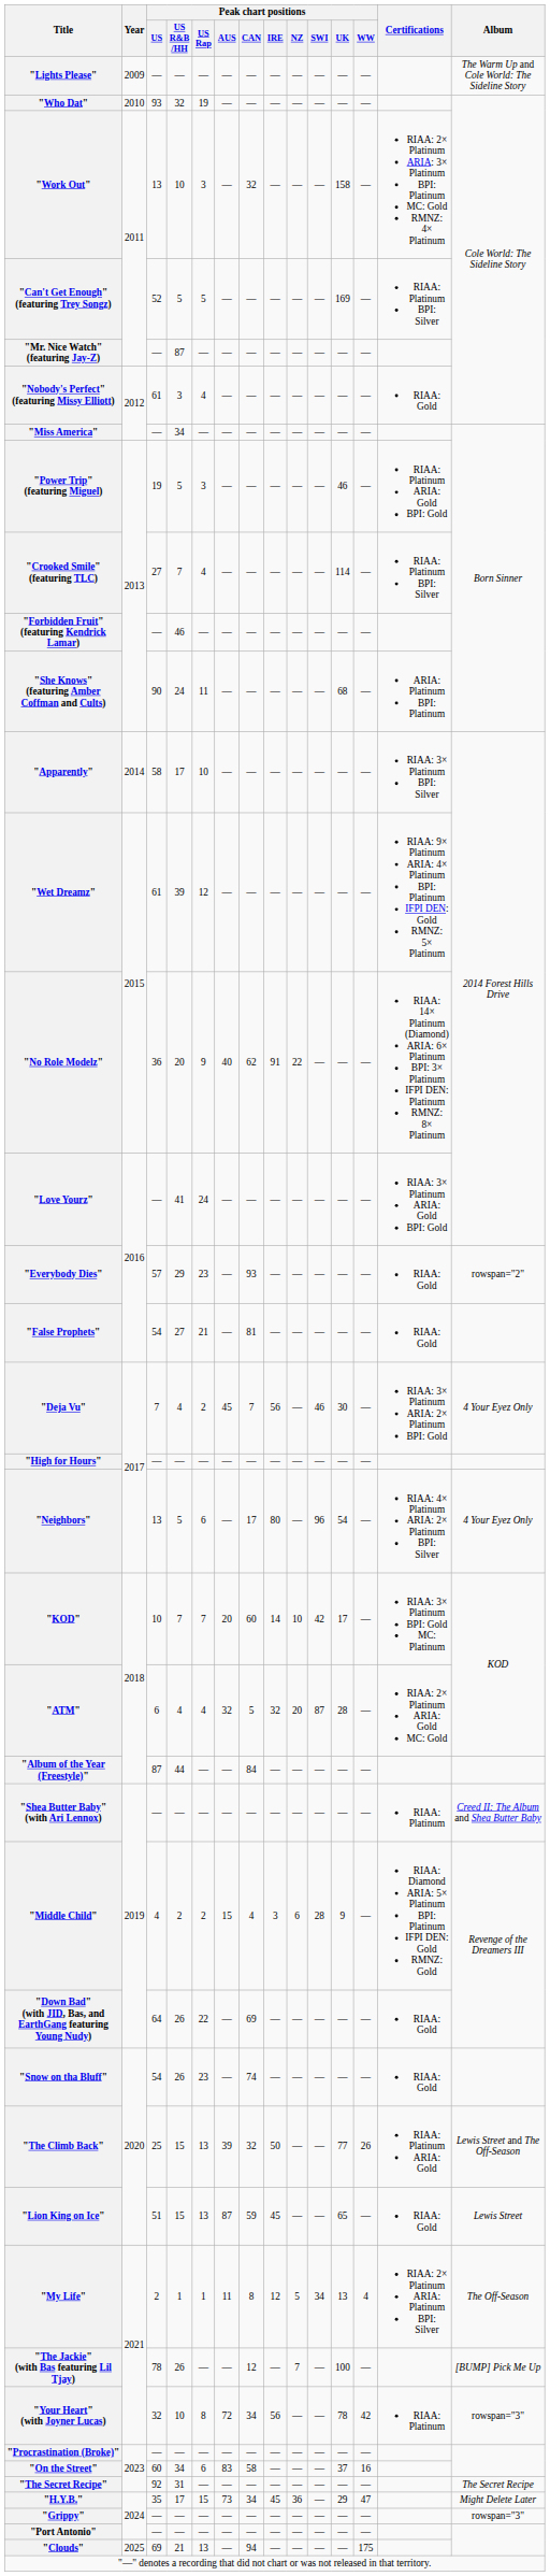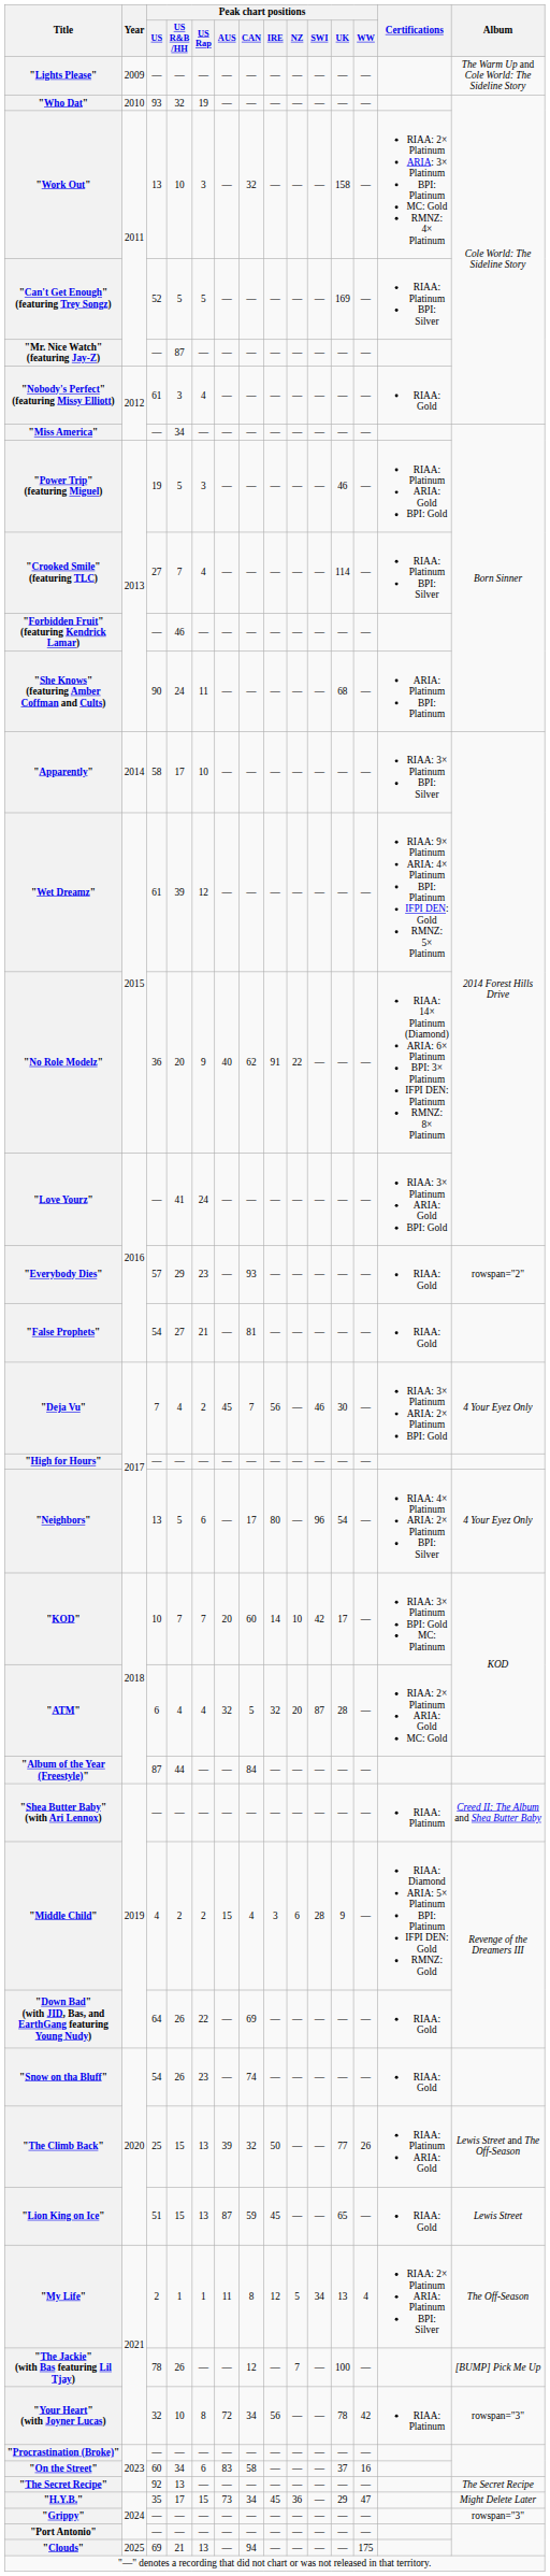 <table class="wikitable plainrowheaders" style="text-align:center;">
 <tr>
 <th scope="col" rowspan="2" style="width:17em;">Title</th>
 <th scope="col" rowspan="2">Year</th>
 <th scope="col" colspan="10">Peak chart positions</th>
 <th scope="col" rowspan="2"><a href='#'>Certifications</a></th>
 <th scope="col" rowspan="2" style="width:14em;">Album</th>
 </tr>
 <tr>
 <th scope="col" style="width:2.5em;font-size:90%;"><a href='#'>US</a><br></th>
 <th scope="col" style="width:2.5em;font-size:90%;"><a href='#'>US<br>R&B<br>/HH</a><br></th>
 <th scope="col" style="width:2.5em;font-size:90%;"><a href='#'>US<br>Rap</a><br></th>
 <th scope="col" style="width:2.5em;font-size:90%;"><a href='#'>AUS</a><br></th>
 <th scope="col" style="width:2.5em;font-size:90%;"><a href='#'>CAN</a><br></th>
 <th scope="col" style="width:2.5em;font-size:90%;"><a href='#'>IRE</a><br></th>
 <th scope="col" style="width:2.5em;font-size:90%;"><a href='#'>NZ</a><br></th>
 <th scope="col" style="width:2.5em;font-size:90%;"><a href='#'>SWI</a><br></th>
 <th scope="col" style="width:2.5em;font-size:90%;"><a href='#'>UK</a><br></th>
 <th scope="col" style="width:2.5em;font-size:90%;"><a href='#'>WW</a><br></th>
 </tr>
 <tr>
 <th scope="row">"<a href='#'>Lights Please</a>"</th>
 <td>2009</td>
 <td>—</td>
 <td>—</td>
 <td>—</td>
 <td>—</td>
 <td>—</td>
 <td>—</td>
 <td>—</td>
 <td>—</td>
 <td>—</td>
 <td>—</td>
 <td></td>
 <td><em>The Warm Up</em> and <em>Cole World: The Sideline Story</em></td>
 </tr>
 <tr>
 <th scope="row">"<a href='#'>Who Dat</a>"</th>
 <td>2010</td>
 <td>93</td>
 <td>32</td>
 <td>19</td>
 <td>—</td>
 <td>—</td>
 <td>—</td>
 <td>—</td>
 <td>—</td>
 <td>—</td>
 <td>—</td>
 <td></td>
 <td rowspan="5"><em>Cole World: The Sideline Story</em></td>
 </tr>
 <tr>
 <th scope="row">"<a href='#'>Work Out</a>"</th>
 <td rowspan="3">2011</td>
 <td>13</td>
 <td>10</td>
 <td>3</td>
 <td>—</td>
 <td>32</td>
 <td>—</td>
 <td>—</td>
 <td>—</td>
 <td>158</td>
 <td>—</td>
 <td><br><ul><li>RIAA: 2× Platinum</li><li><a href='#'>ARIA</a>: 3× Platinum</li><li>BPI: Platinum</li><li>MC: Gold</li><li>RMNZ: 4× Platinum</li></ul></td>
 </tr>
 <tr>
 <th scope="row">"<a href='#'>Can't Get Enough</a>"<br><span>(featuring <a href='#'>Trey Songz</a>)</span></th>
 <td>52</td>
 <td>5</td>
 <td>5</td>
 <td>—</td>
 <td>—</td>
 <td>—</td>
 <td>—</td>
 <td>—</td>
 <td>169</td>
 <td>—</td>
 <td><br><ul><li>RIAA: Platinum</li><li>BPI: Silver</li></ul></td>
 </tr>
 <tr>
 <th scope="row">"Mr. Nice Watch"<br><span>(featuring <a href='#'>Jay-Z</a>)</span></th>
 <td>—</td>
 <td>87</td>
 <td>—</td>
 <td>—</td>
 <td>—</td>
 <td>—</td>
 <td>—</td>
 <td>—</td>
 <td>—</td>
 <td>—</td>
 <td></td>
 </tr>
 <tr>
 <th scope="row">"<a href='#'>Nobody's Perfect</a>"<br><span>(featuring <a href='#'>Missy Elliott</a>)</span></th>
 <td rowspan="2">2012</td>
 <td>61</td>
 <td>3</td>
 <td>4</td>
 <td>—</td>
 <td>—</td>
 <td>—</td>
 <td>—</td>
 <td>—</td>
 <td>—</td>
 <td>—</td>
 <td><br><ul><li>RIAA: Gold</li></ul></td>
 </tr>
 <tr>
 <th scope="row">"<a href='#'>Miss America</a>"</th>
 <td>—</td>
 <td>34</td>
 <td>—</td>
 <td>—</td>
 <td>—</td>
 <td>—</td>
 <td>—</td>
 <td>—</td>
 <td>—</td>
 <td>—</td>
 <td></td>
 <td rowspan="5"><em>Born Sinner</em></td>
 </tr>
 <tr>
 <th scope="row">"<a href='#'>Power Trip</a>"<br><span>(featuring <a href='#'>Miguel</a>)</span></th>
 <td rowspan="4">2013</td>
 <td>19</td>
 <td>5</td>
 <td>3</td>
 <td>—</td>
 <td>—</td>
 <td>—</td>
 <td>—</td>
 <td>—</td>
 <td>46</td>
 <td>—</td>
 <td><br><ul><li>RIAA: Platinum</li><li>ARIA: Gold</li><li>BPI: Gold</li></ul></td>
 </tr>
 <tr>
 <th scope="row">"<a href='#'>Crooked Smile</a>"<br><span>(featuring <a href='#'>TLC</a>)</span></th>
 <td>27</td>
 <td>7</td>
 <td>4</td>
 <td>—</td>
 <td>—</td>
 <td>—</td>
 <td>—</td>
 <td>—</td>
 <td>114</td>
 <td>—</td>
 <td><br><ul><li>RIAA: Platinum</li><li>BPI: Silver</li></ul></td>
 </tr>
 <tr>
 <th scope="row">"<a href='#'>Forbidden Fruit</a>"<br><span>(featuring <a href='#'>Kendrick Lamar</a>)</span></th>
 <td>—</td>
 <td>46</td>
 <td>—</td>
 <td>—</td>
 <td>—</td>
 <td>—</td>
 <td>—</td>
 <td>—</td>
 <td>—</td>
 <td>—</td>
 <td></td>
 </tr>
 <tr>
 <th scope="row">"<a href='#'>She Knows</a>"<br><span>(featuring <a href='#'>Amber Coffman</a> and <a href='#'>Cults</a>)</span></th>
 <td>90</td>
 <td>24</td>
 <td>11</td>
 <td>—</td>
 <td>—</td>
 <td>—</td>
 <td>—</td>
 <td>—</td>
 <td>68</td>
 <td>—</td>
 <td><br><ul><li>ARIA: Platinum</li><li>BPI: Platinum</li></ul></td>
 </tr>
 <tr>
 <th scope="row">"<a href='#'>Apparently</a>"</th>
 <td>2014</td>
 <td>58</td>
 <td>17</td>
 <td>10</td>
 <td>—</td>
 <td>—</td>
 <td>—</td>
 <td>—</td>
 <td>—</td>
 <td>—</td>
 <td>—</td>
 <td><br><ul><li>RIAA: 3× Platinum</li><li>BPI: Silver</li></ul></td>
 <td rowspan="4"><em>2014 Forest Hills Drive</em></td>
 </tr>
 <tr>
 <th scope="row">"<a href='#'>Wet Dreamz</a>"</th>
 <td rowspan="2">2015</td>
 <td>61</td>
 <td>39</td>
 <td>12</td>
 <td>—</td>
 <td>—</td>
 <td>—</td>
 <td>—</td>
 <td>—</td>
 <td>—</td>
 <td>—</td>
 <td><br><ul><li>RIAA: 9× Platinum</li><li>ARIA: 4× Platinum</li><li>BPI: Platinum</li><li><a href='#'>IFPI DEN</a>: Gold</li><li>RMNZ: 5× Platinum</li></ul></td>
 </tr>
 <tr>
 <th scope="row">"<a href='#'>No Role Modelz</a>"</th>
 <td>36</td>
 <td>20</td>
 <td>9</td>
 <td>40</td>
 <td>62</td>
 <td>91</td>
 <td>22</td>
 <td>—</td>
 <td>—</td>
 <td>—</td>
 <td><br><ul><li>RIAA: 14× Platinum (Diamond)</li><li>ARIA: 6× Platinum</li><li>BPI: 3× Platinum</li><li>IFPI DEN: Platinum</li><li>RMNZ: 8× Platinum</li></ul></td>
 </tr>
 <tr>
 <th scope="row">"<a href='#'>Love Yourz</a>"</th>
 <td rowspan="3">2016</td>
 <td>—</td>
 <td>41</td>
 <td>24</td>
 <td>—</td>
 <td>—</td>
 <td>—</td>
 <td>—</td>
 <td>—</td>
 <td>—</td>
 <td>—</td>
 <td><br><ul><li>RIAA: 3× Platinum</li><li>ARIA: Gold</li><li>BPI: Gold</li></ul></td>
 </tr>
 <tr>
 <th scope="row">"<a href='#'>Everybody Dies</a>"</th>
 <td>57</td>
 <td>29</td>
 <td>23</td>
 <td>—</td>
 <td>93</td>
 <td>—</td>
 <td>—</td>
 <td>—</td>
 <td>—</td>
 <td>—</td>
 <td><br><ul><li>RIAA: Gold</li></ul></td>
 <td>rowspan="2" </td>
 </tr>
 <tr>
 <th scope="row">"<a href='#'>False Prophets</a>"</th>
 <td>54</td>
 <td>27</td>
 <td>21</td>
 <td>—</td>
 <td>81</td>
 <td>—</td>
 <td>—</td>
 <td>—</td>
 <td>—</td>
 <td>—</td>
 <td><br><ul><li>RIAA: Gold</li></ul></td>
 </tr>
 <tr>
 <th scope="row">"<a href='#'>Deja Vu</a>"</th>
 <td rowspan="3">2017</td>
 <td>7</td>
 <td>4</td>
 <td>2</td>
 <td>45</td>
 <td>7</td>
 <td>56</td>
 <td>—</td>
 <td>46</td>
 <td>30</td>
 <td>—</td>
 <td><br><ul><li>RIAA: 3× Platinum</li><li>ARIA: 2× Platinum</li><li>BPI: Gold</li></ul></td>
 <td><em>4 Your Eyez Only</em></td>
 </tr>
 <tr>
 <th scope="row">"<a href='#'>High for Hours</a>"</th>
 <td>—</td>
 <td>—</td>
 <td>—</td>
 <td>—</td>
 <td>—</td>
 <td>—</td>
 <td>—</td>
 <td>—</td>
 <td>—</td>
 <td>—</td>
 <td></td>
 <td></td>
 </tr>
 <tr>
 <th scope="row">"<a href='#'>Neighbors</a>"</th>
 <td>13</td>
 <td>5</td>
 <td>6</td>
 <td>—</td>
 <td>17</td>
 <td>80</td>
 <td>—</td>
 <td>96</td>
 <td>54</td>
 <td>—</td>
 <td><br><ul><li>RIAA: 4× Platinum</li><li>ARIA: 2× Platinum</li><li>BPI: Silver</li></ul></td>
 <td><em>4 Your Eyez Only</em></td>
 </tr>
 <tr>
 <th scope="row">"<a href='#'>KOD</a>"</th>
 <td rowspan="3">2018</td>
 <td>10</td>
 <td>7</td>
 <td>7</td>
 <td>20</td>
 <td>60</td>
 <td>14</td>
 <td>10</td>
 <td>42</td>
 <td>17</td>
 <td>—</td>
 <td><br><ul><li>RIAA: 3× Platinum</li><li>BPI: Gold</li><li>MC: Platinum</li></ul></td>
 <td rowspan="2"><em>KOD</em></td>
 </tr>
 <tr>
 <th scope="row">"<a href='#'>ATM</a>"</th>
 <td>6</td>
 <td>4</td>
 <td>4</td>
 <td>32</td>
 <td>5</td>
 <td>32</td>
 <td>20</td>
 <td>87</td>
 <td>28</td>
 <td>—</td>
 <td><br><ul><li>RIAA: 2× Platinum</li><li>ARIA: Gold</li><li>MC: Gold</li></ul></td>
 </tr>
 <tr>
 <th scope="row">"<a href='#'>Album of the Year (Freestyle)</a>"</th>
 <td>87</td>
 <td>44</td>
 <td>—</td>
 <td>—</td>
 <td>84</td>
 <td>—</td>
 <td>—</td>
 <td>—</td>
 <td>—</td>
 <td>—</td>
 <td></td>
 <td></td>
 </tr>
 <tr>
 <th scope="row">"<a href='#'>Shea Butter Baby</a>"<br><span>(with <a href='#'>Ari Lennox</a>)</span></th>
 <td rowspan="3">2019</td>
 <td>—</td>
 <td>—</td>
 <td>—</td>
 <td>—</td>
 <td>—</td>
 <td>—</td>
 <td>—</td>
 <td>—</td>
 <td>—</td>
 <td>—</td>
 <td><br><ul><li>RIAA: Platinum</li></ul></td>
 <td><em><a href='#'>Creed II: The Album</a></em> and <em><a href='#'>Shea Butter Baby</a></em></td>
 </tr>
 <tr>
 <th scope="row">"<a href='#'>Middle Child</a>"</th>
 <td>4</td>
 <td>2</td>
 <td>2</td>
 <td>15</td>
 <td>4</td>
 <td>3</td>
 <td>6</td>
 <td>28</td>
 <td>9</td>
 <td>—</td>
 <td><br><ul><li>RIAA: Diamond</li><li>ARIA: 5× Platinum</li><li>BPI: Platinum</li><li>IFPI DEN: Gold</li><li>RMNZ: Gold</li></ul></td>
 <td rowspan="2"><em>Revenge of the Dreamers III</em></td>
 </tr>
 <tr>
 <th scope="row">"<a href='#'>Down Bad</a>"<br><span>(with <a href='#'>JID</a>, Bas, and <a href='#'>EarthGang</a> featuring <a href='#'>Young Nudy</a>)</span></th>
 <td>64</td>
 <td>26</td>
 <td>22</td>
 <td>—</td>
 <td>69</td>
 <td>—</td>
 <td>—</td>
 <td>—</td>
 <td>—</td>
 <td>—</td>
 <td><br><ul><li>RIAA: Gold</li></ul></td>
 </tr>
 <tr>
 <th scope="row">"<a href='#'>Snow on tha Bluff</a>"</th>
 <td rowspan="3">2020</td>
 <td>54</td>
 <td>26</td>
 <td>23</td>
 <td>—</td>
 <td>74</td>
 <td>—</td>
 <td>—</td>
 <td>—</td>
 <td>—</td>
 <td>—</td>
 <td><br><ul><li>RIAA: Gold</li></ul></td>
 <td></td>
 </tr>
 <tr>
 <th scope="row">"<a href='#'>The Climb Back</a>"</th>
 <td>25</td>
 <td>15</td>
 <td>13</td>
 <td>39</td>
 <td>32</td>
 <td>50</td>
 <td>—</td>
 <td>—</td>
 <td>77</td>
 <td>26</td>
 <td><br><ul><li>RIAA: Platinum</li><li>ARIA: Gold</li></ul></td>
 <td><em>Lewis Street</em> and <em>The Off-Season</em></td>
 </tr>
 <tr>
 <th scope="row">"<a href='#'>Lion King on Ice</a>"</th>
 <td>51</td>
 <td>15</td>
 <td>13</td>
 <td>87</td>
 <td>59</td>
 <td>45</td>
 <td>—</td>
 <td>—</td>
 <td>65</td>
 <td>—</td>
 <td><br><ul><li>RIAA: Gold</li></ul></td>
 <td><em>Lewis Street</em></td>
 </tr>
 <tr>
 <th scope="row">"<a href='#'>My Life</a>"<br></th>
 <td rowspan="3">2021</td>
 <td>2</td>
 <td>1</td>
 <td>1</td>
 <td>11</td>
 <td>8</td>
 <td>12</td>
 <td>5</td>
 <td>34</td>
 <td>13</td>
 <td>4</td>
 <td><br><ul><li>RIAA: 2× Platinum</li><li>ARIA: Platinum</li><li>BPI: Silver</li></ul></td>
 <td><em>The Off-Season</em></td>
 </tr>
 <tr>
 <th scope="row">"<a href='#'>The Jackie</a>"<br><span>(with <a href='#'>Bas</a> featuring <a href='#'>Lil Tjay</a>)</span></th>
 <td>78</td>
 <td>26</td>
 <td>—</td>
 <td>—</td>
 <td>12</td>
 <td>—</td>
 <td>7</td>
 <td>—</td>
 <td>100</td>
 <td>—</td>
 <td></td>
 <td><em>[BUMP] Pick Me Up</em></td>
 </tr>
 <tr>
 <th scope="row">"<a href='#'>Your Heart</a>"<br><span>(with <a href='#'>Joyner Lucas</a>)</span></th>
 <td>32</td>
 <td>10</td>
 <td>8</td>
 <td>72</td>
 <td>34</td>
 <td>56</td>
 <td>—</td>
 <td>—</td>
 <td>78</td>
 <td>42</td>
 <td><br><ul><li>RIAA: Platinum</li></ul></td>
 <td>rowspan="3" </td>
 </tr>
 <tr>
 <th scope="row">"<a href='#'>Procrastination (Broke)</a>"</th>
 <td rowspan="3">2023</td>
 <td>—</td>
 <td>—</td>
 <td>—</td>
 <td>—</td>
 <td>—</td>
 <td>—</td>
 <td>—</td>
 <td>—</td>
 <td>—</td>
 <td>—</td>
 <td></td>
 </tr>
 <tr>
 <th scope="row">"<a href='#'>On the Street</a>"<br></th>
 <td>60</td>
 <td>34</td>
 <td>6</td>
 <td>83</td>
 <td>58</td>
 <td>—</td>
 <td>—</td>
 <td>—</td>
 <td>37</td>
 <td>16</td>
 <td></td>
 </tr>
 <tr>
 <th scope="row">"<a href='#'>The Secret Recipe</a>"<br></th>
 <td>92</td>
-<td>31</td>
+<td>13</td>
 <td>—</td>
 <td>—</td>
 <td>—</td>
 <td>—</td>
 <td>—</td>
 <td>—</td>
 <td>—</td>
 <td>—</td>
 <td></td>
 <td><em>The Secret Recipe</em></td>
 </tr>
 <tr>
 <th scope="row">"<a href='#'>H.Y.B.</a>"<br></th>
 <td rowspan="3">2024</td>
 <td>35</td>
 <td>17</td>
 <td>15</td>
 <td>73</td>
 <td>34</td>
 <td>45</td>
 <td>36</td>
 <td>—</td>
 <td>29</td>
 <td>47</td>
 <td></td>
 <td><em>Might Delete Later</em></td>
 </tr>
 <tr>
 <th scope="row">"<a href='#'>Grippy</a>"<br></th>
 <td>—</td>
 <td>—</td>
 <td>—</td>
 <td>—</td>
 <td>—</td>
 <td>—</td>
 <td>—</td>
 <td>—</td>
 <td>—</td>
 <td>—</td>
 <td></td>
 <td>rowspan="3" </td>
 </tr>
 <tr>
 <th scope="row">"Port Antonio"</th>
 <td>—</td>
 <td>—</td>
 <td>—</td>
 <td>—</td>
 <td>—</td>
 <td>—</td>
 <td>—</td>
 <td>—</td>
 <td>—</td>
 <td>—</td>
 <td></td>
 </tr>
 <tr>
 <th scope="row">"<a href='#'>Clouds</a>"</th>
 <td>2025</td>
 <td>69</td>
 <td>21</td>
 <td>13</td>
 <td>—</td>
 <td>94</td>
 <td>—</td>
 <td>—</td>
 <td>—</td>
 <td>—</td>
 <td>175</td>
 <td></td>
 </tr>
 <tr>
 <td colspan="16">"—" denotes a recording that did not chart or was not released in that territory.</td>
 </tr>
 </table>
